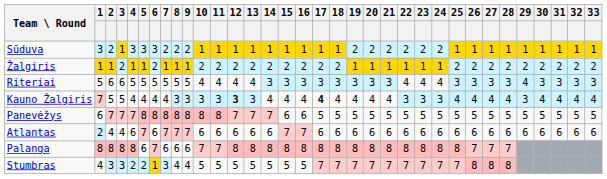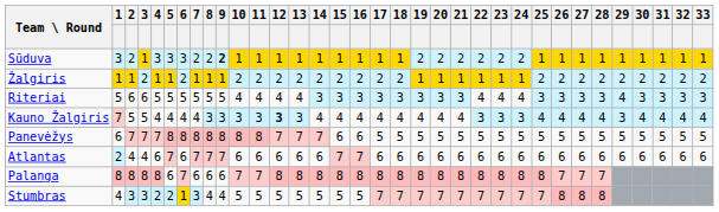 <table class="wikitable sortable" style="font-size: 100%; text-align:center;">
 <tr>
 <th rowspan="2">Team \ Round</th>
 <th align=center>1</th>
 <th align=center>2</th>
 <th align=center>3</th>
 <th align=center>4</th>
 <th align=center>5</th>
 <th align=center>6</th>
 <th align=center>7</th>
 <th align=center>8</th>
 <th align=center>9</th>
 <th align=center>10</th>
 <th align=center>11</th>
 <th align=center>12</th>
 <th align=center>13</th>
 <th align=center>14</th>
 <th align=center>15</th>
 <th align=center>16</th>
 <th align=center>17</th>
 <th align=center>18</th>
 <th align=center>19</th>
 <th align=center>20</th>
 <th align=center>21</th>
 <th align=center>22</th>
 <th align=center>23</th>
 <th align=center>24</th>
 <th align=center>25</th>
 <th align=center>26</th>
 <th align=center>27</th>
 <th align=center>28</th>
 <th align=center>29</th>
 <th align=center>30</th>
 <th align=center>31</th>
 <th align=center>32</th>
 <th align=center>33</th>
 </tr>
 <tr>
 <th style="text-align:center; height:20px;"></th>
 <th align=center></th>
 <th align=center></th>
 <th align=center></th>
 <th align=center></th>
 <th align=center></th>
 <th align=center></th>
 <th align=center></th>
 <th align=center></th>
 <th align=center></th>
 <th align=center></th>
 <th align=center></th>
 <th align=center></th>
 <th align=center></th>
 <th align=center></th>
 <th align=center></th>
 <th align=center></th>
 <th align=center></th>
 <th align=center></th>
 <th align=center></th>
 <th align=center></th>
 <th align=center></th>
 <th align=center></th>
 <th align=center></th>
 <th align=center></th>
 <th align=center></th>
 <th align=center></th>
 <th align=center></th>
 <th align=center></th>
 <th align=center></th>
 <th align=center></th>
 <th align=center></th>
 <th align=center></th>
 </tr>
 <tr align=center>
 <td align=left><a href='#'>Sūduva</a></td>
 <td style="background:#CCF3FF">3</td>
 <td style="background:#CCF3FF">2</td>
 <td style="background:gold">1</td>
 <td style="background:#CCF3FF">3</td>
 <td style="background:#CCF3FF">3</td>
 <td style="background:#CCF3FF">3</td>
 <td style="background:#CCF3FF">2</td>
 <td style="background:#CCF3FF">2</td>
-<td style="background:#CCF3FF">2</td>
+<td style="background:#CCF3FF"><strong>2</strong></td>
 <td style="background:gold">1</td>
 <td style="background:gold">1</td>
 <td style="background:gold">1</td>
 <td style="background:gold">1</td>
 <td style="background:gold">1</td>
 <td style="background:gold">1</td>
 <td style="background:gold">1</td>
 <td style="background:gold">1</td>
 <td style="background:gold">1</td>
 <td style="background:#CCF3FF">2</td>
 <td style="background:#CCF3FF">2</td>
 <td style="background:#CCF3FF">2</td>
 <td style="background:#CCF3FF">2</td>
 <td style="background:#CCF3FF">2</td>
 <td style="background:#CCF3FF">2</td>
 <td style="background:gold">1</td>
 <td style="background:gold">1</td>
 <td style="background:gold">1</td>
 <td style="background:gold">1</td>
 <td style="background:gold">1</td>
 <td style="background:gold">1</td>
 <td style="background:gold">1</td>
 <td style="background:gold">1</td>
 <td style="background:gold">1</td>
 </tr>
 <tr align=center>
 <td align=left><a href='#'>Žalgiris</a></td>
 <td style="background:gold">1</td>
 <td style="background:gold">1</td>
 <td style="background:#CCF3FF">2</td>
 <td style="background:gold">1</td>
 <td style="background:gold">1</td>
 <td style="background:#CCF3FF">2</td>
 <td style="background:gold">1</td>
 <td style="background:gold">1</td>
 <td style="background:gold">1</td>
 <td style="background:#CCF3FF">2</td>
 <td style="background:#CCF3FF">2</td>
 <td style="background:#CCF3FF">2</td>
 <td style="background:#CCF3FF">2</td>
 <td style="background:#CCF3FF">2</td>
 <td style="background:#CCF3FF">2</td>
 <td style="background:#CCF3FF">2</td>
 <td style="background:#CCF3FF">2</td>
 <td style="background:#CCF3FF">2</td>
 <td style="background:gold">1</td>
 <td style="background:gold">1</td>
 <td style="background:gold">1</td>
 <td style="background:gold">1</td>
 <td style="background:gold">1</td>
 <td style="background:gold">1</td>
 <td style="background:#CCF3FF">2</td>
 <td style="background:#CCF3FF">2</td>
 <td style="background:#CCF3FF">2</td>
 <td style="background:#CCF3FF">2</td>
 <td style="background:#CCF3FF">2</td>
 <td style="background:#CCF3FF">2</td>
 <td style="background:#CCF3FF">2</td>
 <td style="background:#CCF3FF">2</td>
 <td style="background:#CCF3FF">2</td>
 </tr>
 <tr align=center>
 <td align=left><a href='#'>Riteriai</a></td>
 <td>5</td>
 <td>6</td>
 <td>6</td>
 <td>5</td>
 <td>5</td>
 <td>5</td>
 <td>5</td>
 <td>5</td>
 <td>5</td>
 <td>4</td>
 <td>4</td>
 <td>4</td>
 <td>4</td>
 <td style="background:#CCF3FF">3</td>
 <td style="background:#CCF3FF">3</td>
 <td style="background:#CCF3FF">3</td>
 <td style="background:#CCF3FF">3</td>
 <td style="background:#CCF3FF">3</td>
 <td style="background:#CCF3FF">3</td>
 <td style="background:#CCF3FF">3</td>
 <td style="background:#CCF3FF">3</td>
 <td>4</td>
 <td>4</td>
 <td>4</td>
 <td style="background:#CCF3FF">3</td>
 <td style="background:#CCF3FF">3</td>
 <td style="background:#CCF3FF">3</td>
 <td style="background:#CCF3FF">3</td>
 <td style="background:#CCF3FF">4</td>
 <td style="background:#CCF3FF">3</td>
 <td style="background:#CCF3FF">3</td>
 <td style="background:#CCF3FF">3</td>
 <td style="background:#CCF3FF">3</td>
 </tr>
 <tr align=center>
 <td align=left><a href='#'>Kauno Žalgiris</a></td>
 <td style="background:#FFCCCC">7</td>
 <td>5</td>
 <td>5</td>
 <td>4</td>
 <td>4</td>
 <td>4</td>
 <td>4</td>
 <td style="background:#CCF3FF">3</td>
 <td style="background:#CCF3FF">3</td>
 <td style="background:#CCF3FF">3</td>
 <td style="background:#CCF3FF">3</td>
 <td style="background:#CCF3FF"><strong>3</strong></td>
 <td style="background:#CCF3FF">3</td>
 <td>4</td>
 <td>4</td>
 <td>4</td>
-<td><strong>4</strong></td>
+<td>4</td>
 <td>4</td>
 <td>4</td>
 <td>4</td>
 <td>4</td>
 <td style="background:#CCF3FF">3</td>
 <td style="background:#CCF3FF">3</td>
 <td style="background:#CCF3FF">3</td>
 <td style="background:#CCF3FF">4</td>
 <td style="background:#CCF3FF">4</td>
 <td style="background:#CCF3FF">4</td>
 <td style="background:#CCF3FF">4</td>
 <td style="background:#CCF3FF">3</td>
 <td style="background:#CCF3FF">4</td>
 <td style="background:#CCF3FF">4</td>
 <td style="background:#CCF3FF">4</td>
 <td style="background:#CCF3FF">4</td>
 </tr>
 <tr align=center>
 <td align=left><a href='#'>Panevėžys</a></td>
 <td>6</td>
 <td style="background:#FFCCCC">7</td>
 <td style="background:#FFCCCC">7</td>
 <td style="background:#FFCCCC">7</td>
 <td style="background:#FFBBBB">8</td>
 <td style="background:#FFBBBB">8</td>
 <td style="background:#FFBBBB">8</td>
 <td style="background:#FFBBBB">8</td>
 <td style="background:#FFBBBB">8</td>
 <td style="background:#FFBBBB">8</td>
 <td style="background:#FFBBBB">8</td>
 <td style="background:#FFCCCC">7</td>
 <td style="background:#FFCCCC">7</td>
 <td style="background:#FFCCCC">7</td>
 <td>6</td>
 <td>6</td>
 <td>5</td>
 <td>5</td>
 <td>5</td>
 <td>5</td>
 <td>5</td>
 <td>5</td>
 <td>5</td>
 <td>5</td>
 <td>5</td>
 <td>5</td>
 <td>5</td>
 <td>5</td>
 <td>5</td>
 <td>5</td>
 <td>5</td>
 <td>5</td>
 <td>5</td>
 </tr>
 <tr align=center>
 <td align=left><a href='#'>Atlantas</a></td>
 <td style="background:#CCF3FF">2</td>
 <td>4</td>
 <td>4</td>
 <td>6</td>
 <td style="background:#FFCCCC">7</td>
 <td>6</td>
 <td style="background:#FFCCCC">7</td>
 <td style="background:#FFCCCC">7</td>
 <td style="background:#FFCCCC">7</td>
 <td>6</td>
 <td>6</td>
 <td>6</td>
 <td>6</td>
 <td>6</td>
 <td style="background:#FFCCCC">7</td>
 <td style="background:#FFCCCC">7</td>
 <td>6</td>
 <td>6</td>
 <td>6</td>
 <td>6</td>
 <td>6</td>
 <td>6</td>
 <td>6</td>
 <td>6</td>
 <td>6</td>
 <td>6</td>
 <td>6</td>
 <td>6</td>
 <td>6</td>
 <td>6</td>
 <td>6</td>
 <td>6</td>
 <td>6</td>
 </tr>
 <tr align=center>
 <td align=left><a href='#'>Palanga</a></td>
 <td style="background:#FFBBBB">8</td>
 <td style="background:#FFBBBB">8</td>
 <td style="background:#FFBBBB">8</td>
 <td style="background:#FFBBBB">8</td>
 <td>6</td>
 <td style="background:#FFCCCC">7</td>
 <td>6</td>
 <td>6</td>
 <td>6</td>
 <td style="background:#FFCCCC">7</td>
 <td style="background:#FFCCCC">7</td>
 <td style="background:#FFBBBB">8</td>
 <td style="background:#FFBBBB">8</td>
 <td style="background:#FFBBBB">8</td>
 <td style="background:#FFBBBB">8</td>
 <td style="background:#FFBBBB">8</td>
 <td style="background:#FFBBBB">8</td>
 <td style="background:#FFBBBB">8</td>
 <td style="background:#FFBBBB">8</td>
 <td style="background:#FFBBBB">8</td>
 <td style="background:#FFBBBB">8</td>
 <td style="background:#FFBBBB">8</td>
 <td style="background:#FFBBBB">8</td>
 <td style="background:#FFBBBB">8</td>
 <td style="background:#FFBBBB">8</td>
 <td style="background:#FFCCCC">7</td>
 <td style="background:#FFCCCC">7</td>
 <td style="background:#FFCCCC">7</td>
 <td style="background:#A2A9B1"></td>
 <td style="background:#A2A9B1"></td>
 <td style="background:#A2A9B1"></td>
 <td style="background:#A2A9B1"></td>
 <td style="background:#A2A9B1"></td>
 </tr>
 <tr align=center>
 <td align=left><a href='#'>Stumbras</a></td>
 <td>4</td>
 <td style="background:#CCF3FF">3</td>
 <td style="background:#CCF3FF">3</td>
 <td style="background:#CCF3FF">2</td>
 <td style="background:#CCF3FF">2</td>
 <td style="background:gold">1</td>
 <td style="background:#CCF3FF">3</td>
 <td>4</td>
 <td>4</td>
 <td>5</td>
 <td>5</td>
 <td>5</td>
 <td>5</td>
 <td>5</td>
 <td>5</td>
 <td>5</td>
 <td style="background:#FFCCCC">7</td>
 <td style="background:#FFCCCC">7</td>
 <td style="background:#FFCCCC">7</td>
 <td style="background:#FFCCCC">7</td>
 <td style="background:#FFCCCC">7</td>
 <td style="background:#FFCCCC">7</td>
 <td style="background:#FFCCCC">7</td>
 <td style="background:#FFCCCC">7</td>
 <td style="background:#FFCCCC">7</td>
 <td style="background:#FFBBBB">8</td>
 <td style="background:#FFBBBB">8</td>
 <td style="background:#FFBBBB">8</td>
 <td style="background:#A2A9B1"></td>
 <td style="background:#A2A9B1"></td>
 <td style="background:#A2A9B1"></td>
 <td style="background:#A2A9B1"></td>
 <td style="background:#A2A9B1"></td>
 </tr>
 </table>
